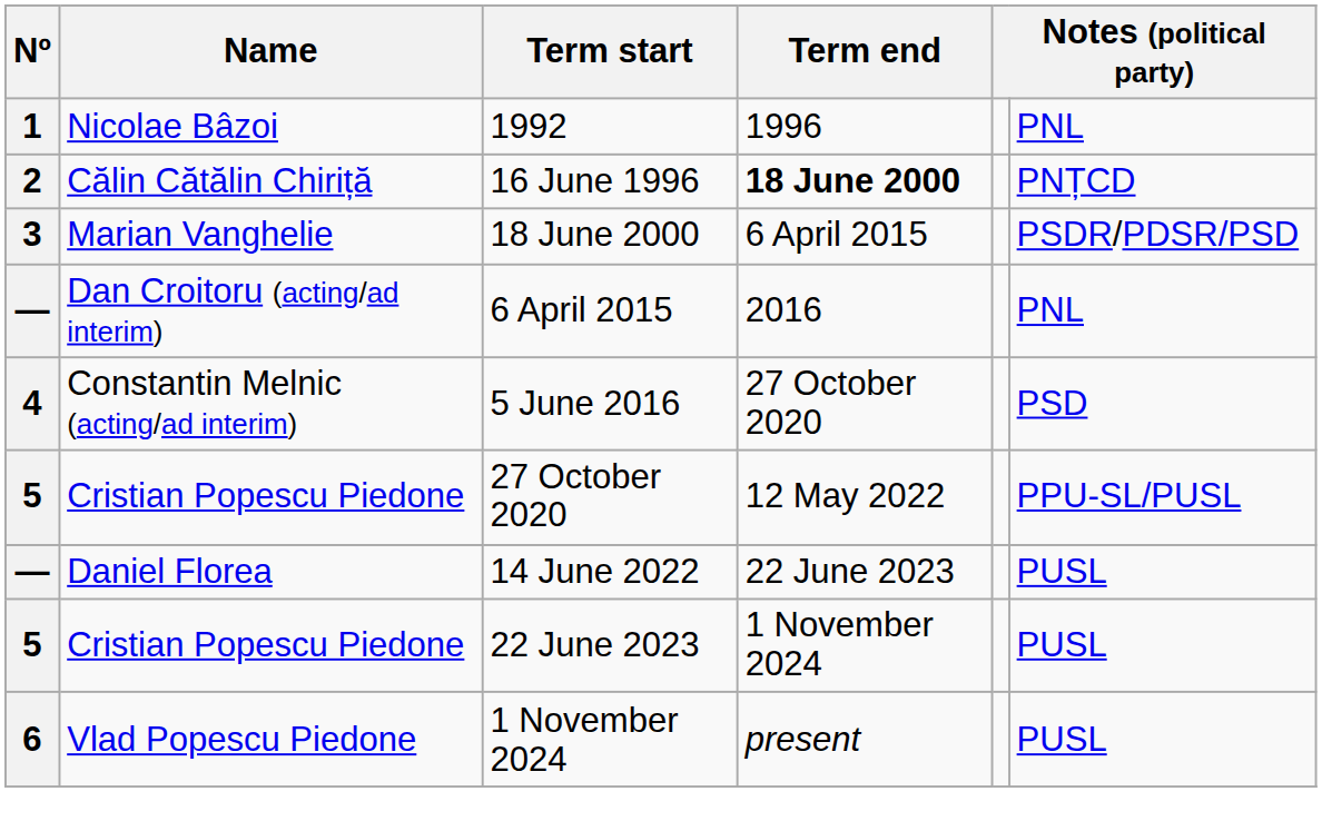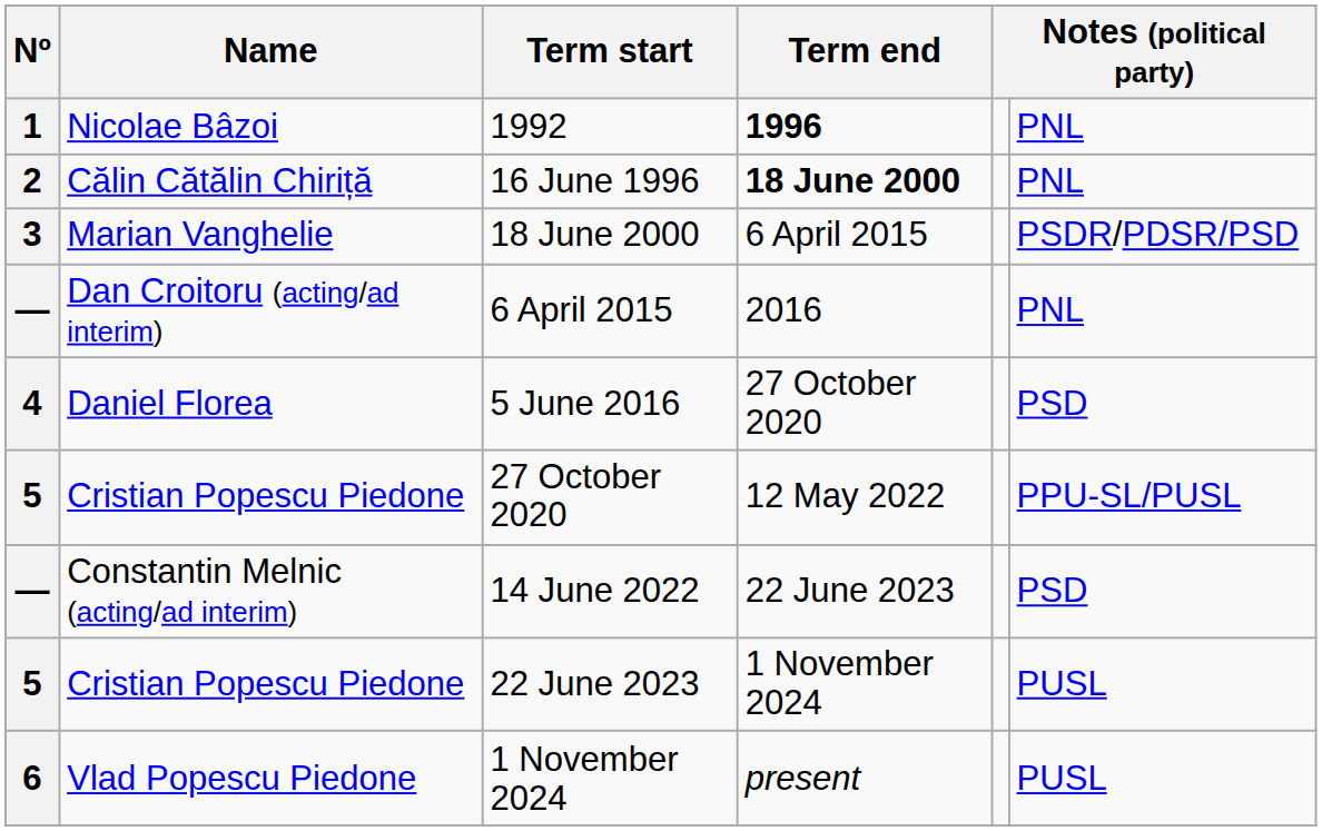 <table class="wikitable">
 <tr>
 <th>Nº</th>
 <th>Name</th>
 <th>Term start</th>
 <th>Term end</th>
 <th colspan=2>Notes <small>(political party)</small></th>
 </tr>
 <tr>
 <th>1</th>
 <td><a href='#'>Nicolae Bâzoi</a></td>
 <td>1992</td>
-<td>1996</td>
+<td><strong>1996</strong></td>
 <td style="background:"></td>
 <td><a href='#'>PNL</a></td>
 </tr>
 <tr>
 <th>2</th>
 <td><a href='#'>Călin Cătălin Chiriță</a></td>
 <td>16 June 1996</td>
 <td><strong>18 June 2000</strong></td>
 <td style="background:"></td>
-<td><a href='#'>PNȚCD</a></td>
+<td><a href='#'>PNL</a></td>
 </tr>
 <tr>
 <th>3</th>
 <td><a href='#'>Marian Vanghelie</a></td>
 <td>18 June 2000</td>
 <td>6 April 2015</td>
 <td style="background:"></td>
 <td><a href='#'>PSDR</a>/<a href='#'>PDSR/PSD</a></td>
 </tr>
 <tr>
 <th>—</th>
 <td><a href='#'>Dan Croitoru</a> <small>(<a href='#'>acting</a>/<a href='#'>ad interim</a>)</small></td>
 <td>6 April 2015</td>
 <td>2016</td>
 <td style="background:"></td>
 <td><a href='#'>PNL</a></td>
 </tr>
 <tr>
 <th>4</th>
-<td>Constantin Melnic <small>(<a href='#'>acting</a>/<a href='#'>ad interim</a>)</small></td>
+<td><a href='#'>Daniel Florea</a></td>
 <td>5 June 2016</td>
 <td>27 October 2020</td>
 <td style="background:"></td>
 <td><a href='#'>PSD</a></td>
 </tr>
 <tr>
 <th>5</th>
 <td><a href='#'>Cristian Popescu Piedone</a></td>
 <td>27 October 2020</td>
 <td>12 May 2022</td>
 <td style="background:"></td>
 <td><a href='#'>PPU-SL/PUSL</a></td>
 </tr>
 <tr>
 <th>—</th>
-<td><a href='#'>Daniel Florea</a></td>
+<td>Constantin Melnic <small>(<a href='#'>acting</a>/<a href='#'>ad interim</a>)</small></td>
 <td>14 June 2022</td>
 <td>22 June 2023</td>
 <td style="background:"></td>
-<td><a href='#'>PUSL</a></td>
+<td><a href='#'>PSD</a></td>
 </tr>
 <tr>
 <th>5</th>
 <td><a href='#'>Cristian Popescu Piedone</a></td>
 <td>22 June 2023</td>
 <td>1 November 2024</td>
 <td style="background:"></td>
 <td><a href='#'>PUSL</a></td>
 </tr>
 <tr>
 <th>6</th>
 <td><a href='#'>Vlad Popescu Piedone</a></td>
 <td>1 November 2024</td>
 <td><em>present</em></td>
 <td style="background:"></td>
 <td><a href='#'>PUSL</a></td>
 </tr>
 <tr>
 </tr>
 </table>
